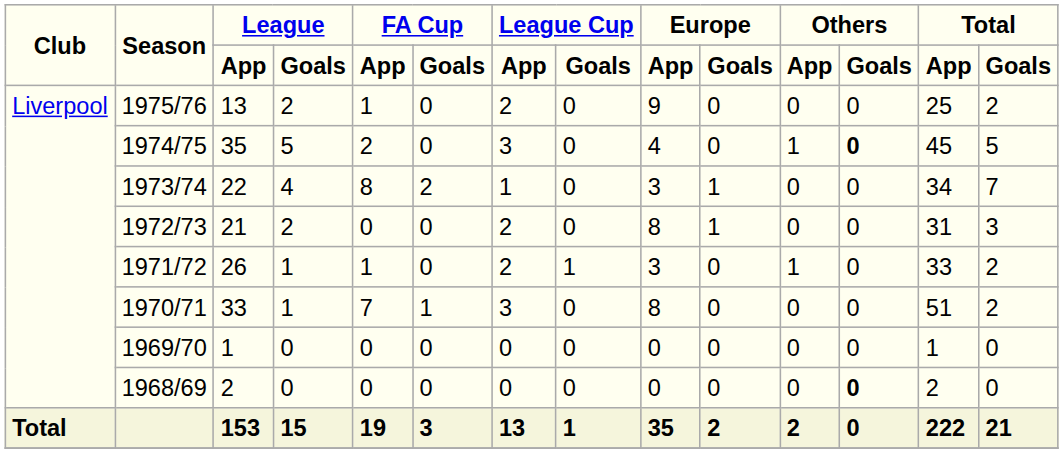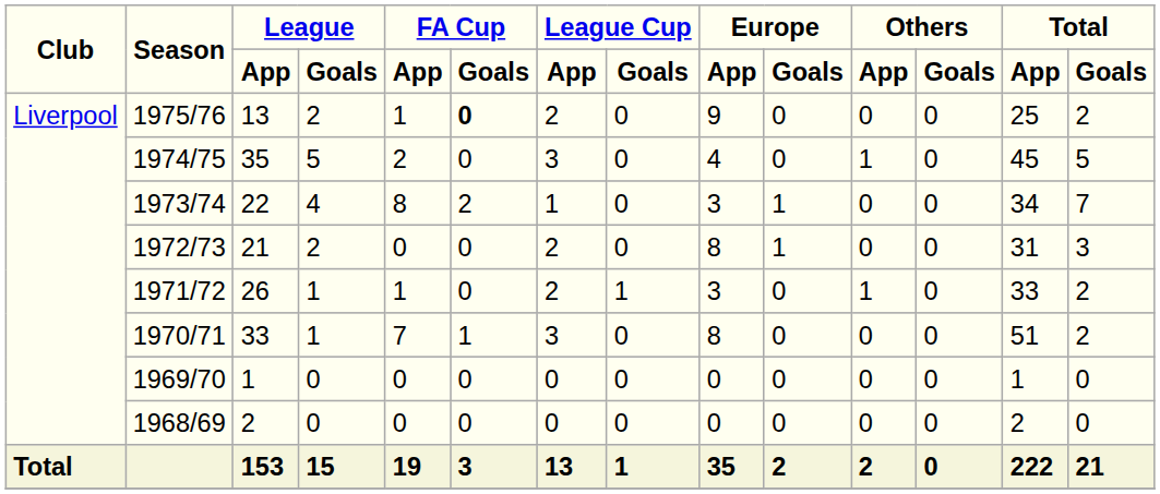 <table border=1 align=center cellpadding=4 cellspacing=2 style="background: ivory; font-size: 95%; border: 1px #aaaaaa solid; border-collapse: collapse; clear:center">
 <tr>
 <th rowspan="2">Club</th>
 <th rowspan="2">Season</th>
 <th colspan="2"><a href='#'>League</a></th>
 <th colspan="2"><a href='#'>FA Cup</a></th>
 <th colspan="2"><a href='#'>League Cup</a></th>
 <th colspan="2">Europe</th>
 <th colspan="2">Others</th>
 <th colspan="2">Total</th>
 </tr>
 <tr>
 <th>App</th>
 <th>Goals</th>
 <th>App</th>
 <th>Goals</th>
 <th>App</th>
 <th>Goals</th>
 <th>App</th>
 <th>Goals</th>
 <th>App</th>
 <th>Goals</th>
 <th>App</th>
 <th>Goals</th>
 </tr>
 <tr>
 <td rowspan="8" valign=top><a href='#'>Liverpool</a></td>
 <td>1975/76</td>
 <td>13</td>
 <td>2</td>
 <td>1</td>
-<td>0</td>
+<td><strong>0</strong></td>
 <td>2</td>
 <td>0</td>
 <td>9</td>
 <td>0</td>
 <td>0</td>
 <td>0</td>
 <td>25</td>
 <td>2</td>
 </tr>
 <tr>
 <td>1974/75</td>
 <td>35</td>
 <td>5</td>
 <td>2</td>
 <td>0</td>
 <td>3</td>
 <td>0</td>
 <td>4</td>
 <td>0</td>
 <td>1</td>
-<td><strong>0</strong></td>
+<td>0</td>
 <td>45</td>
 <td>5</td>
 </tr>
 <tr>
 <td>1973/74</td>
 <td>22</td>
 <td>4</td>
 <td>8</td>
 <td>2</td>
 <td>1</td>
 <td>0</td>
 <td>3</td>
 <td>1</td>
 <td>0</td>
 <td>0</td>
 <td>34</td>
 <td>7</td>
 </tr>
 <tr>
 <td>1972/73</td>
 <td>21</td>
 <td>2</td>
 <td>0</td>
 <td>0</td>
 <td>2</td>
 <td>0</td>
 <td>8</td>
 <td>1</td>
 <td>0</td>
 <td>0</td>
 <td>31</td>
 <td>3</td>
 </tr>
 <tr>
 <td>1971/72</td>
 <td>26</td>
 <td>1</td>
 <td>1</td>
 <td>0</td>
 <td>2</td>
 <td>1</td>
 <td>3</td>
 <td>0</td>
 <td>1</td>
 <td>0</td>
 <td>33</td>
 <td>2</td>
 </tr>
 <tr>
 <td>1970/71</td>
 <td>33</td>
 <td>1</td>
 <td>7</td>
 <td>1</td>
 <td>3</td>
 <td>0</td>
 <td>8</td>
 <td>0</td>
 <td>0</td>
 <td>0</td>
 <td>51</td>
 <td>2</td>
 </tr>
 <tr>
 <td>1969/70</td>
 <td>1</td>
 <td>0</td>
 <td>0</td>
 <td>0</td>
 <td>0</td>
 <td>0</td>
 <td>0</td>
 <td>0</td>
 <td>0</td>
 <td>0</td>
 <td>1</td>
 <td>0</td>
 </tr>
 <tr>
 <td>1968/69</td>
 <td>2</td>
 <td>0</td>
 <td>0</td>
 <td>0</td>
 <td>0</td>
 <td>0</td>
 <td>0</td>
 <td>0</td>
 <td>0</td>
-<td><strong>0</strong></td>
+<td>0</td>
 <td>2</td>
 <td>0</td>
 </tr>
 <tr>
 <th align=left style="background:beige">Total</th>
 <th align=left style="background:beige" colspan="1"></th>
 <th align=left style="background:beige">153</th>
 <th align=left style="background:beige">15</th>
 <th align=left style="background:beige">19</th>
 <th align=left style="background:beige">3</th>
 <th align=left style="background:beige">13</th>
 <th align=left style="background:beige">1</th>
 <th align=left style="background:beige">35</th>
 <th align=left style="background:beige">2</th>
 <th align=left style="background:beige">2</th>
 <th align=left style="background:beige">0</th>
 <th align=left style="background:beige">222</th>
 <th align=left style="background:beige">21</th>
 </tr>
 <tr>
 </tr>
 </table>
